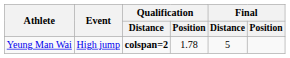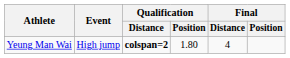 <table class=wikitable style=font-size:90%;text-align:center>
 <tr>
 <th rowspan=2>Athlete</th>
 <th rowspan=2>Event</th>
 <th colspan=2>Qualification</th>
 <th colspan=2>Final</th>
 </tr>
 <tr style=font-size:95%>
 <th>Distance</th>
 <th>Position</th>
 <th>Distance</th>
 <th>Position</th>
 </tr>
 <tr>
 <td align=left><a href='#'>Yeung Man Wai</a></td>
 <td align=left><a href='#'>High jump</a></td>
 <td><strong>colspan=2 </strong></td>
-<td>1.78</td>
-<td>5</td>
+<td>1.80</td>
+<td>4</td>
 </tr>
 </table>
